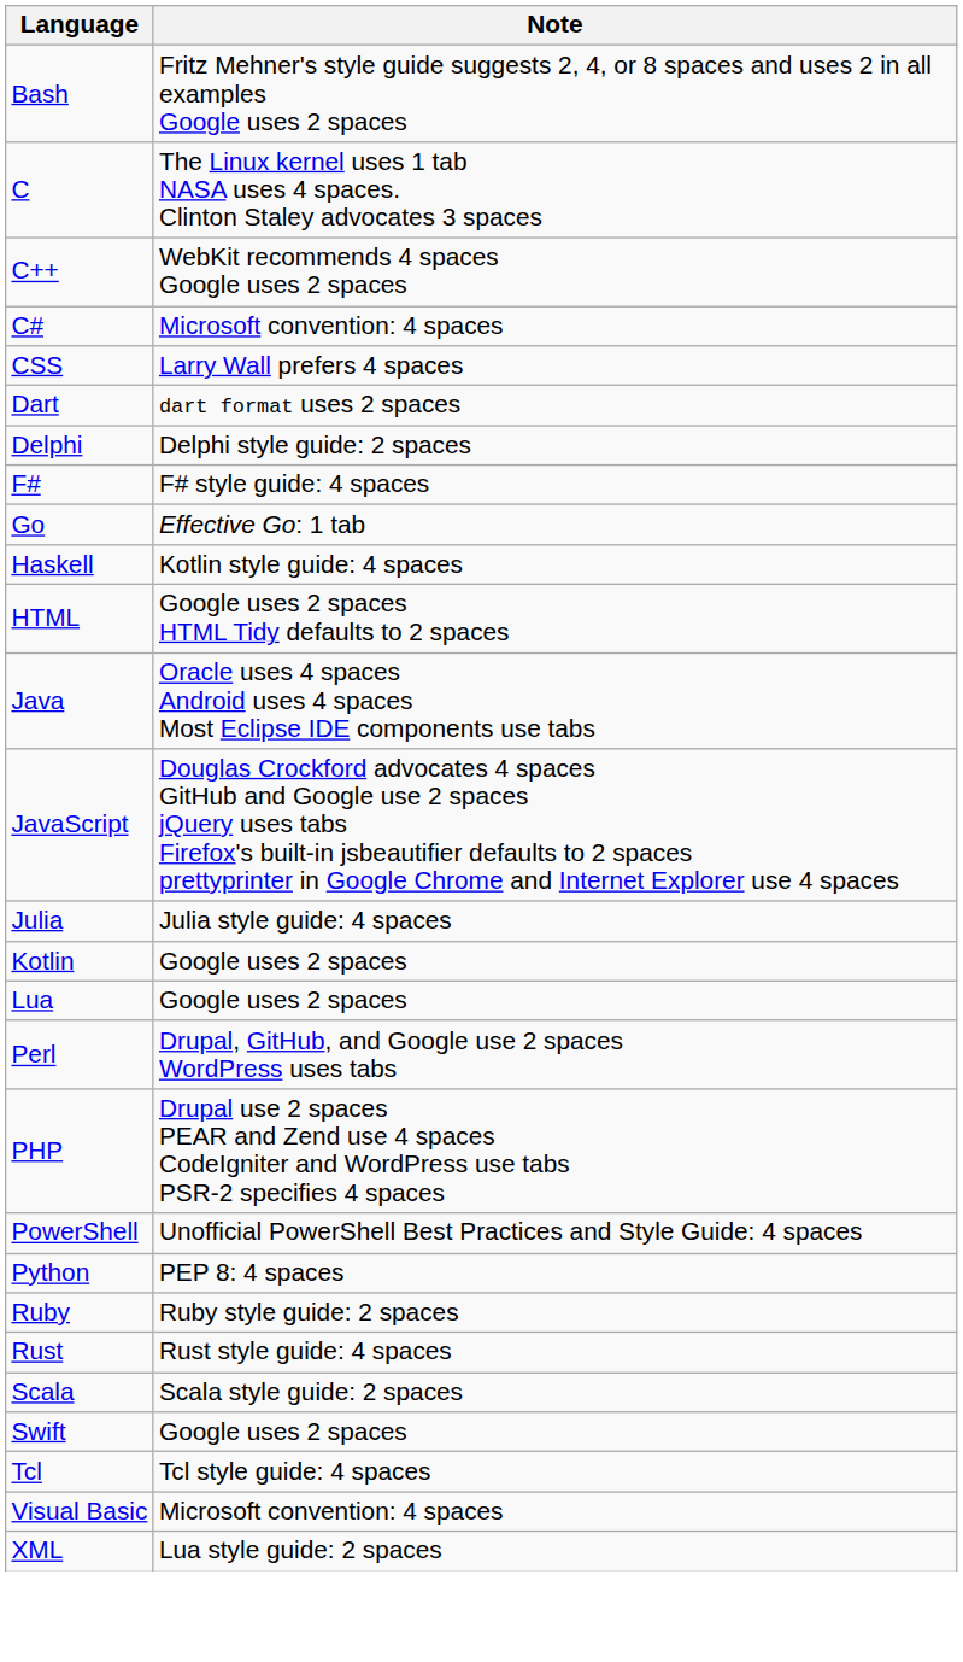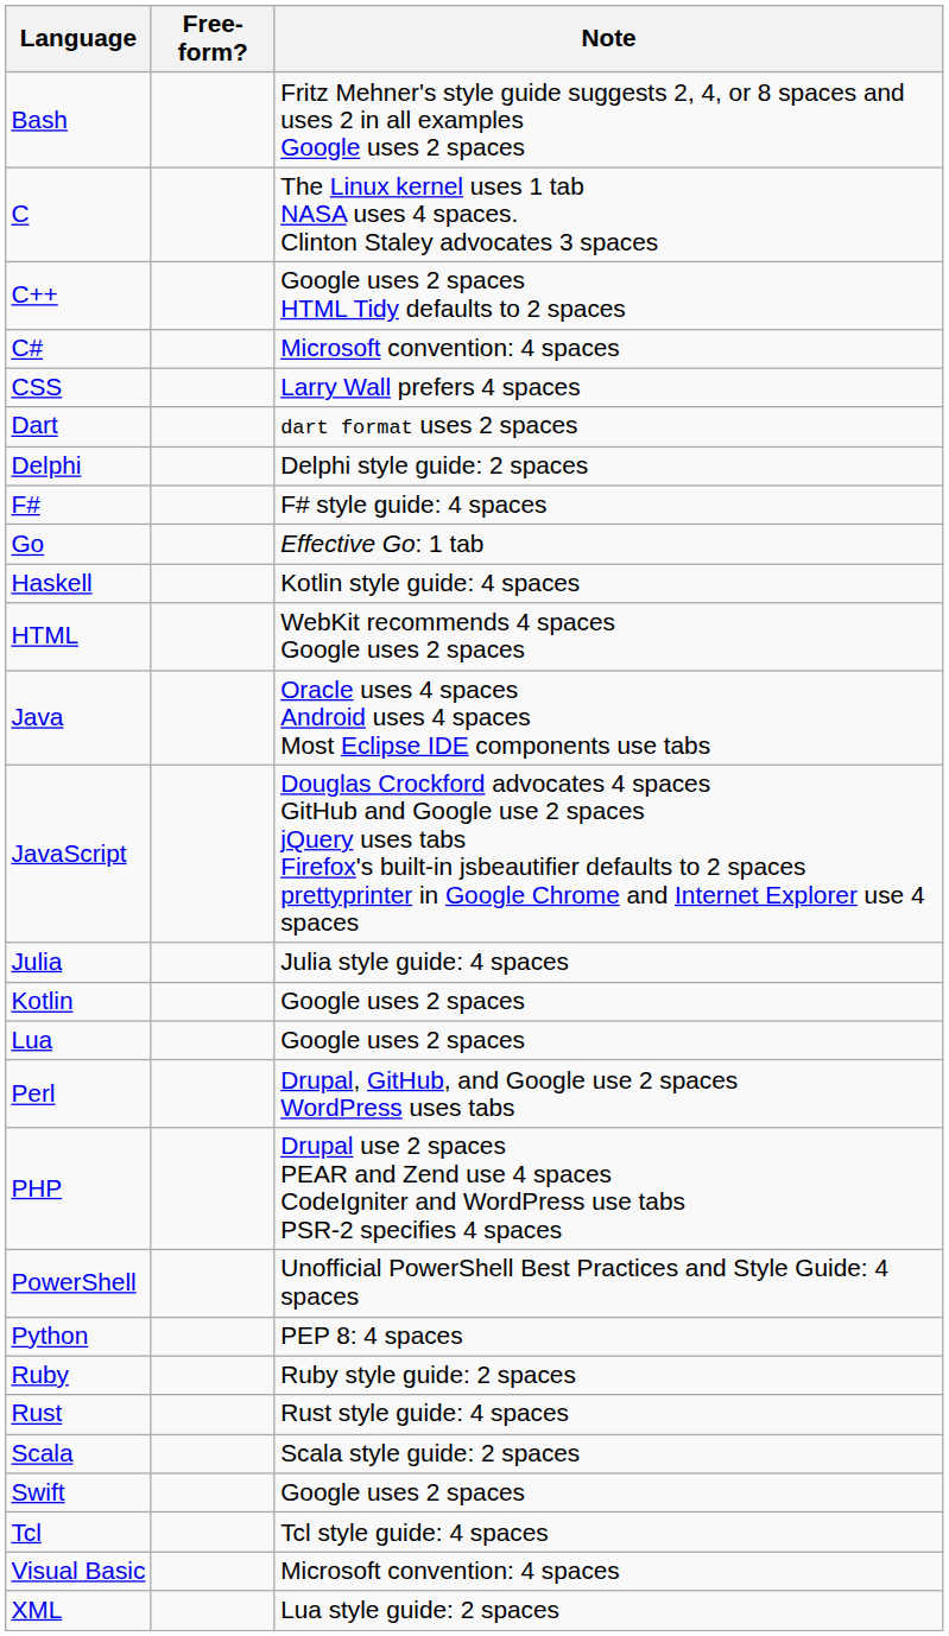 <table class="wikitable">
 <tr>
 <th>Language</th>
+<th>Free-form?</th>
 <th>Note</th>
 </tr>
 <tr>
 <td><a href='#'>Bash</a></td>
+<td></td>
 <td>Fritz Mehner's style guide suggests 2, 4, or 8 spaces and uses 2 in all examples<br><a href='#'>Google</a> uses 2 spaces </td>
 </tr>
 <tr>
 <td><a href='#'>C</a></td>
+<td></td>
 <td>The <a href='#'>Linux kernel</a> uses 1 tab<br><a href='#'>NASA</a> uses 4 spaces.<br>Clinton Staley advocates 3 spaces</td>
 </tr>
 <tr>
 <td><a href='#'>C++</a></td>
-<td>WebKit recommends 4 spaces<br>Google uses 2 spaces</td>
+<td></td>
+<td>Google uses 2 spaces<br><a href='#'>HTML Tidy</a> defaults to 2 spaces</td>
 </tr>
 <tr>
 <td><a href='#'>C#</a></td>
+<td></td>
 <td><a href='#'>Microsoft</a> convention: 4 spaces</td>
 </tr>
 <tr>
 <td><a href='#'>CSS</a></td>
+<td></td>
 <td><a href='#'>Larry Wall</a> prefers 4 spaces</td>
 </tr>
 <tr>
 <td><a href='#'>Dart</a></td>
+<td></td>
 <td><code>dart format</code> uses 2 spaces</td>
 </tr>
 <tr>
 <td><a href='#'>Delphi</a></td>
+<td></td>
 <td>Delphi style guide: 2 spaces </td>
 </tr>
 <tr>
 <td><a href='#'>F#</a></td>
+<td></td>
 <td>F# style guide: 4 spaces</td>
 </tr>
 <tr>
 <td><a href='#'>Go</a></td>
+<td></td>
 <td><em>Effective Go</em>: 1 tab </td>
 </tr>
 <tr>
 <td><a href='#'>Haskell</a></td>
+<td></td>
 <td>Kotlin style guide: 4 spaces</td>
 </tr>
 <tr>
 <td><a href='#'>HTML</a></td>
-<td>Google uses 2 spaces<br><a href='#'>HTML Tidy</a> defaults to 2 spaces</td>
+<td></td>
+<td>WebKit recommends 4 spaces<br>Google uses 2 spaces</td>
 </tr>
 <tr>
 <td><a href='#'>Java</a></td>
+<td></td>
 <td><a href='#'>Oracle</a> uses 4 spaces<br><a href='#'>Android</a> uses 4 spaces<br>Most <a href='#'>Eclipse IDE</a> components use tabs</td>
 </tr>
 <tr>
 <td><a href='#'>JavaScript</a></td>
+<td></td>
 <td><a href='#'>Douglas Crockford</a> advocates 4 spaces<br>GitHub and Google use 2 spaces<br><a href='#'>jQuery</a> uses tabs<br><a href='#'>Firefox</a>'s built-in jsbeautifier defaults to 2 spaces<br><a href='#'>prettyprinter</a> in <a href='#'>Google Chrome</a> and <a href='#'>Internet Explorer</a> use 4 spaces</td>
 </tr>
 <tr>
 <td><a href='#'>Julia</a></td>
+<td></td>
 <td>Julia style guide: 4 spaces</td>
 </tr>
 <tr>
 <td><a href='#'>Kotlin</a></td>
+<td></td>
 <td>Google uses 2 spaces</td>
 </tr>
 <tr>
 <td><a href='#'>Lua</a></td>
+<td></td>
 <td>Google uses 2 spaces</td>
 </tr>
 <tr>
 <td><a href='#'>Perl</a></td>
+<td></td>
 <td><a href='#'>Drupal</a>, <a href='#'>GitHub</a>, and Google use 2 spaces<br><a href='#'>WordPress</a> uses tabs</td>
 </tr>
 <tr>
 <td><a href='#'>PHP</a></td>
+<td></td>
 <td><a href='#'>Drupal</a> use 2 spaces<br>PEAR and Zend use 4 spaces<br>CodeIgniter and WordPress use tabs<br>PSR-2 specifies 4 spaces</td>
 </tr>
 <tr>
 <td><a href='#'>PowerShell</a></td>
+<td></td>
 <td>Unofficial PowerShell Best Practices and Style Guide: 4 spaces</td>
 </tr>
 <tr>
 <td><a href='#'>Python</a></td>
+<td></td>
 <td>PEP 8: 4 spaces</td>
 </tr>
 <tr>
 <td><a href='#'>Ruby</a></td>
+<td></td>
 <td>Ruby style guide: 2 spaces </td>
 </tr>
 <tr>
 <td><a href='#'>Rust</a></td>
+<td></td>
 <td>Rust style guide: 4 spaces </td>
 </tr>
 <tr>
 <td><a href='#'>Scala</a></td>
+<td></td>
 <td>Scala style guide: 2 spaces </td>
 </tr>
 <tr>
 <td><a href='#'>Swift</a></td>
+<td></td>
 <td>Google uses 2 spaces</td>
 </tr>
 <tr>
 <td><a href='#'>Tcl</a></td>
+<td></td>
 <td>Tcl style guide: 4 spaces </td>
 </tr>
 <tr>
 <td><a href='#'>Visual Basic</a></td>
+<td></td>
 <td>Microsoft convention: 4 spaces </td>
 </tr>
 <tr>
 <td><a href='#'>XML</a></td>
+<td></td>
 <td>Lua style guide: 2 spaces</td>
 </tr>
 </table>
